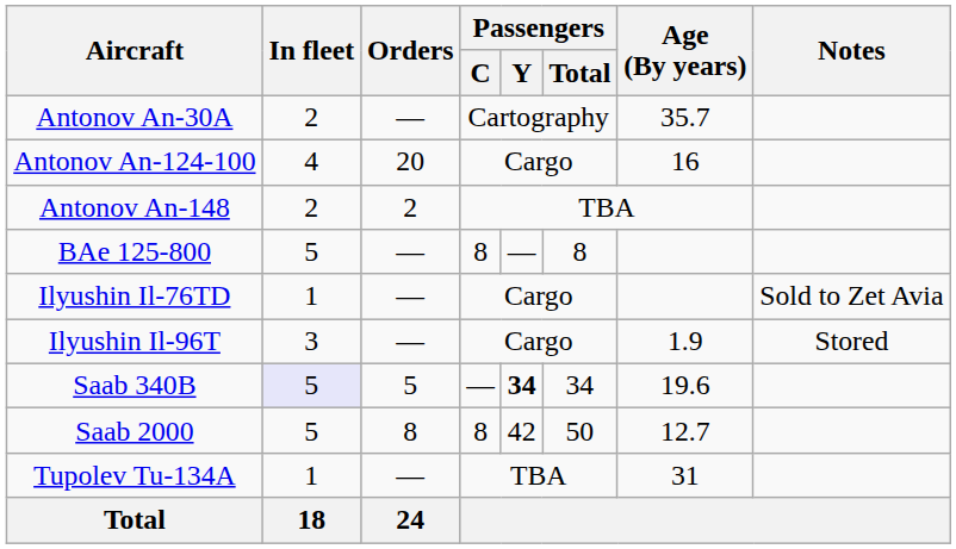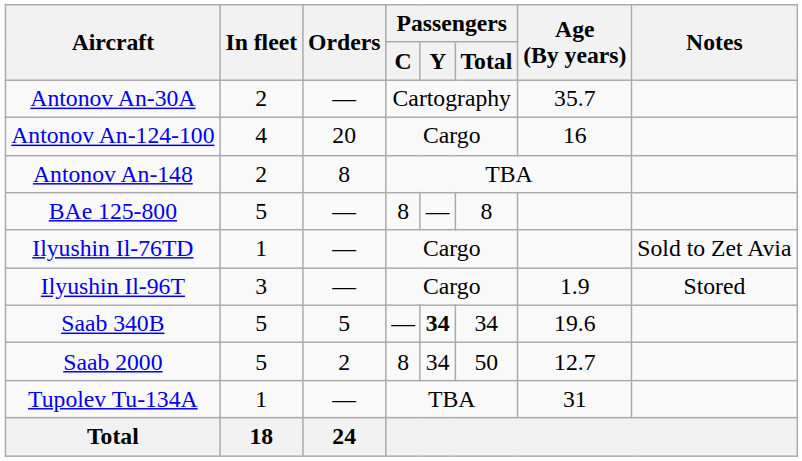 <table class="wikitable" style="margin:1em auto; border-collapse:collapse;text-align:center">
 <tr>
 <th rowspan="2">Aircraft</th>
 <th rowspan="2">In fleet</th>
 <th rowspan="2">Orders</th>
 <th colspan="3">Passengers</th>
 <th rowspan="2">Age<br>(By years)</th>
 <th rowspan="2">Notes</th>
 </tr>
 <tr>
 <th><abbr>C</abbr></th>
 <th><abbr>Y</abbr></th>
 <th>Total</th>
 </tr>
 <tr>
 <td><a href='#'>Antonov An-30A</a></td>
 <td>2</td>
 <td>—</td>
 <td colspan="3"><abbr>Cartography</abbr></td>
 <td>35.7</td>
 <td></td>
 </tr>
 <tr>
 <td><a href='#'>Antonov An-124-100</a></td>
 <td>4</td>
 <td>20</td>
 <td colspan="3"><abbr>Cargo</abbr></td>
 <td>16</td>
 <td></td>
 </tr>
 <tr>
 <td><a href='#'>Antonov An-148</a></td>
 <td>2</td>
-<td>2</td>
+<td>8</td>
 <td colspan="4"><abbr>TBA</abbr></td>
 <td></td>
 </tr>
 <tr>
 <td><a href='#'>BAe 125-800</a></td>
 <td>5</td>
 <td>—</td>
 <td>8</td>
 <td>—</td>
 <td>8</td>
 <td></td>
 <td></td>
 </tr>
 <tr>
 <td><a href='#'>Ilyushin Il-76TD</a></td>
 <td>1</td>
 <td>—</td>
 <td colspan="3"><abbr>Cargo</abbr></td>
 <td></td>
 <td>Sold to Zet Avia</td>
 </tr>
 <tr>
 <td><a href='#'>Ilyushin Il-96T</a></td>
 <td>3</td>
 <td>—</td>
 <td colspan="3"><abbr>Cargo</abbr></td>
 <td>1.9</td>
 <td>Stored</td>
 </tr>
 <tr>
 <td><a href='#'>Saab 340B</a></td>
-<td style="background: lavender;">5</td>
+<td>5</td>
 <td>5</td>
 <td>—</td>
 <td><strong>34</strong></td>
 <td>34</td>
 <td>19.6</td>
 <td></td>
 </tr>
 <tr>
 <td><a href='#'>Saab 2000</a></td>
 <td>5</td>
+<td>2</td>
 <td>8</td>
-<td>8</td>
-<td>42</td>
+<td>34</td>
 <td>50</td>
 <td>12.7</td>
 <td></td>
 </tr>
 <tr>
 <td><a href='#'>Tupolev Tu-134A</a></td>
 <td>1</td>
 <td>—</td>
 <td colspan="3"><abbr>TBA</abbr></td>
 <td>31</td>
 <td></td>
 </tr>
 <tr>
 <th>Total</th>
 <th>18</th>
 <th>24</th>
 <th colspan="8"></th>
 </tr>
 </table>
